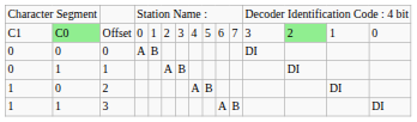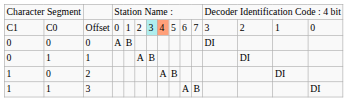 <table class="wikitable">
 <tr>
 <td colspan="2">Character Segment</td>
 <td></td>
 <td colspan="8">Station Name :</td>
 <td colspan="4">Decoder Identification Code : 4 bit</td>
 </tr>
 <tr>
 <td>C1</td>
-<td style="background: lightgreen;">C0</td>
+<td>C0</td>
 <td>Offset</td>
 <td>0</td>
 <td>1</td>
 <td>2</td>
-<td>3</td>
-<td>4</td>
+<td style="background: paleturquoise;">3</td>
+<td style="background: lightsalmon;">4</td>
 <td>5</td>
 <td>6</td>
 <td>7</td>
 <td>3</td>
-<td style="background: lightgreen;">2</td>
+<td>2</td>
 <td>1</td>
 <td>0</td>
 </tr>
 <tr>
 <td>0</td>
 <td>0</td>
 <td>0</td>
 <td>A</td>
 <td>B</td>
 <td></td>
 <td></td>
 <td></td>
 <td></td>
 <td></td>
 <td></td>
 <td>DI</td>
 <td></td>
 <td></td>
 <td></td>
 </tr>
 <tr>
 <td>0</td>
 <td>1</td>
 <td>1</td>
 <td></td>
 <td></td>
 <td>A</td>
 <td>B</td>
 <td></td>
 <td></td>
 <td></td>
 <td></td>
 <td></td>
 <td>DI</td>
 <td></td>
 <td></td>
 </tr>
 <tr>
 <td>1</td>
 <td>0</td>
 <td>2</td>
 <td></td>
 <td></td>
 <td></td>
 <td></td>
 <td>A</td>
 <td>B</td>
 <td></td>
 <td></td>
 <td></td>
 <td></td>
 <td>DI</td>
 <td></td>
 </tr>
 <tr>
 <td>1</td>
 <td>1</td>
 <td>3</td>
 <td></td>
 <td></td>
 <td></td>
 <td></td>
 <td></td>
 <td></td>
 <td>A</td>
 <td>B</td>
 <td></td>
 <td></td>
 <td></td>
 <td>DI</td>
 </tr>
 </table>
